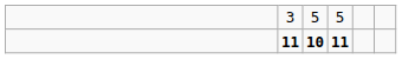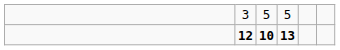 <table class="wikitable">
 <tr>
 <td style="width:18em"></td>
 <td align=center style="width:1em">3</td>
 <td align=center style="width:1em">5</td>
 <td align=center style="width:1em">5</td>
 <td align=center style="width:1em"></td>
 <td align=center style="width:1em"></td>
 </tr>
 <tr>
 <td style="width:18em"><strong></strong></td>
-<td align=center style="width:1em"><strong>11</strong></td>
+<td align=center style="width:1em"><strong>12</strong></td>
 <td align=center style="width:1em"><strong>10</strong></td>
-<td align=center style="width:1em"><strong>11</strong></td>
+<td align=center style="width:1em"><strong>13</strong></td>
 <td align=center style="width:1em"></td>
 <td align=center style="width:1em"></td>
 </tr>
 </table>
